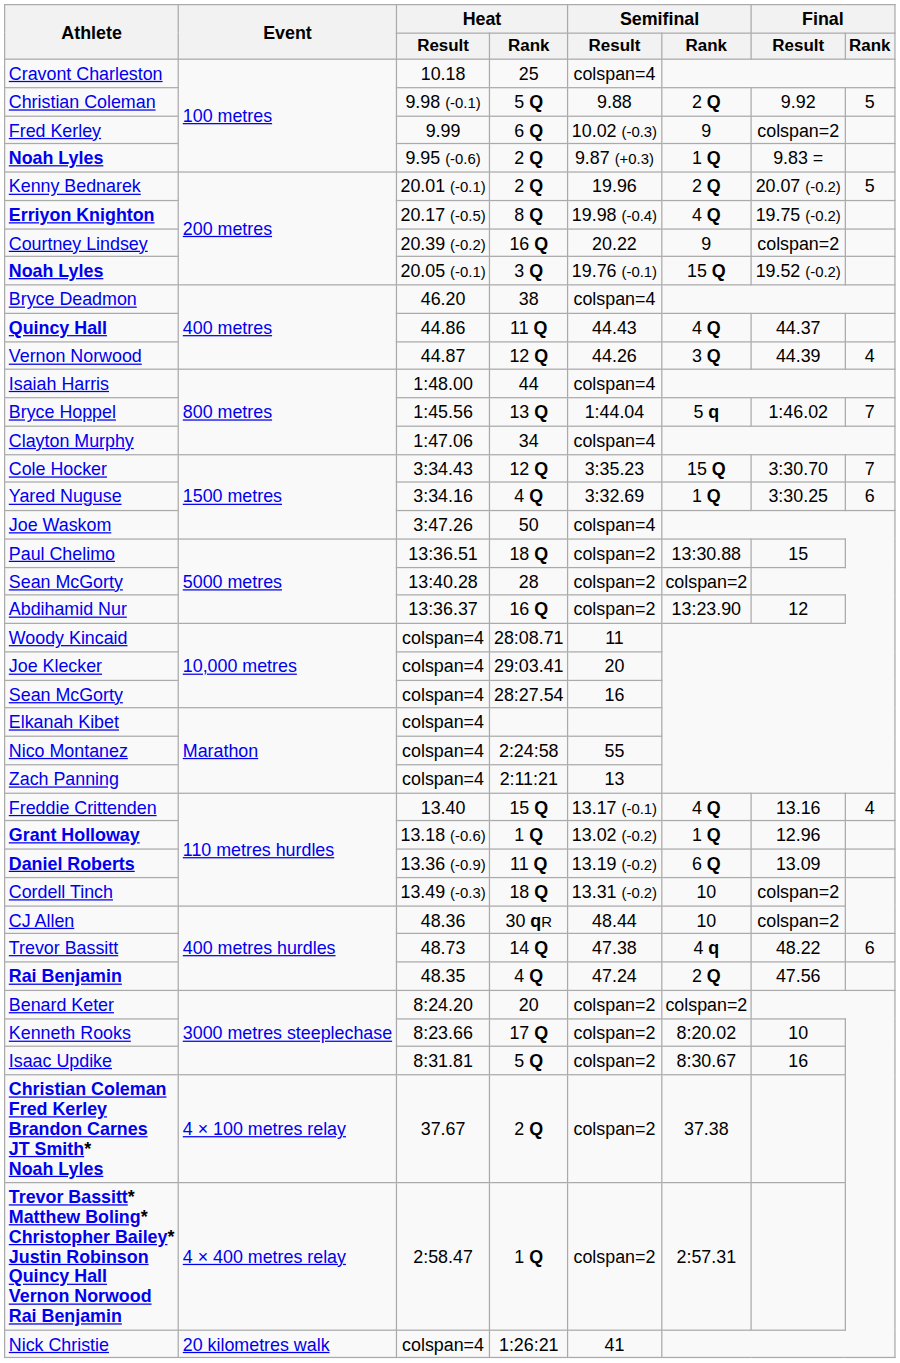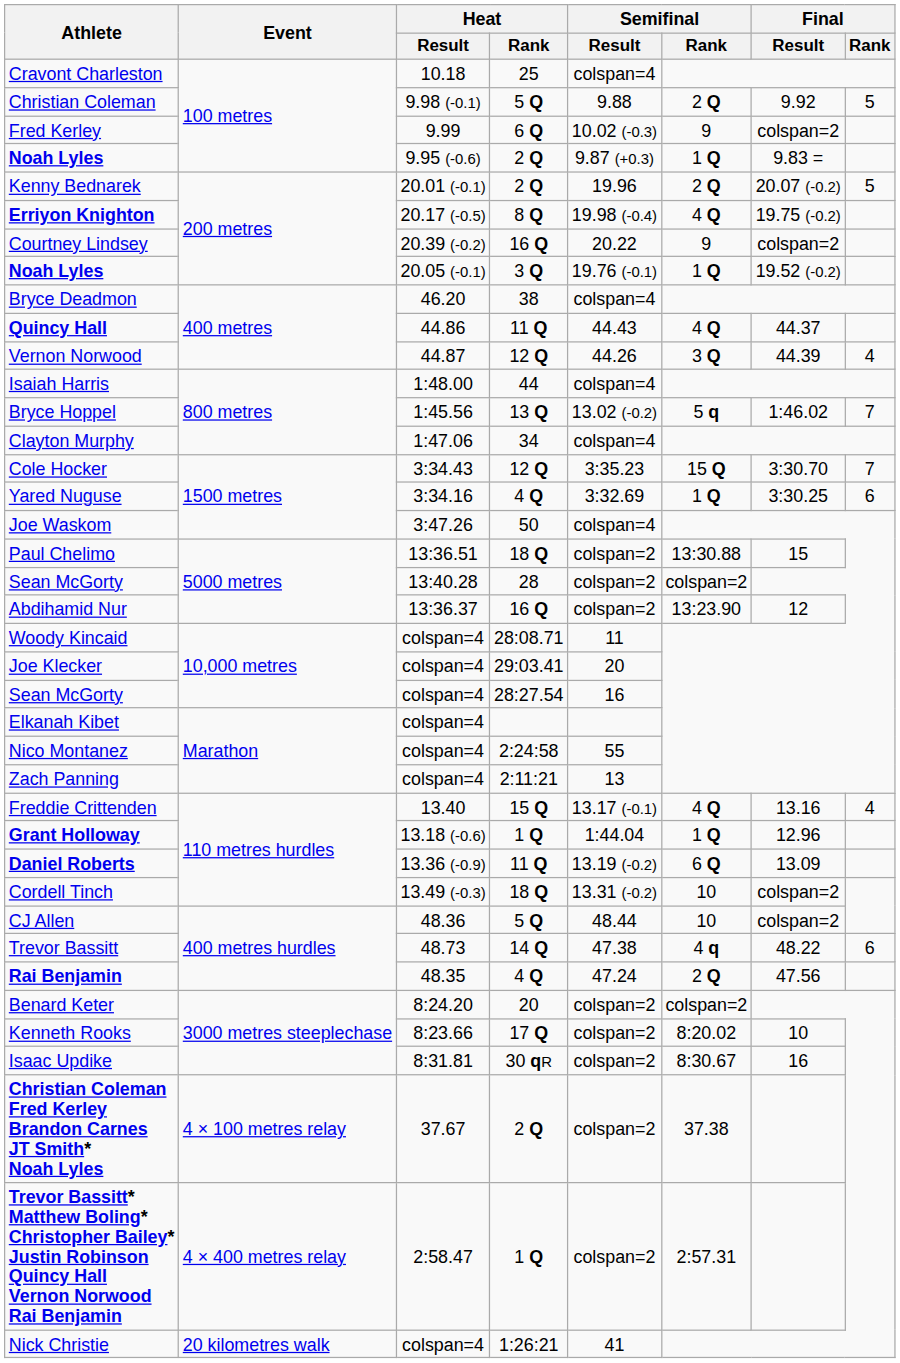 <table class="wikitable" style="font-size:90%">
 <tr>
 <th rowspan="2">Athlete</th>
 <th rowspan="2">Event</th>
 <th colspan="2">Heat</th>
 <th colspan="2">Semifinal</th>
 <th colspan="2">Final</th>
 </tr>
 <tr style="font-size:95%">
 <th>Result</th>
 <th>Rank</th>
 <th>Result</th>
 <th>Rank</th>
 <th>Result</th>
 <th>Rank</th>
 </tr>
 <tr align="center">
 <td align="left"><a href='#'>Cravont Charleston</a></td>
 <td rowspan="4" align="left"><a href='#'>100 metres</a></td>
 <td>10.18</td>
 <td>25</td>
 <td>colspan=4 </td>
 </tr>
 <tr align="center">
 <td align="left"><a href='#'>Christian Coleman</a></td>
 <td>9.98 <small>(-0.1)</small></td>
 <td>5 <strong>Q</strong></td>
 <td>9.88 <strong></strong></td>
 <td>2 <strong>Q</strong></td>
 <td>9.92</td>
 <td>5</td>
 </tr>
 <tr align="center">
 <td align="left"><a href='#'>Fred Kerley</a></td>
 <td>9.99</td>
 <td>6 <strong>Q</strong></td>
 <td>10.02 <small>(-0.3)</small></td>
 <td>9</td>
 <td>colspan=2 </td>
 </tr>
 <tr align="center">
 <td align="left"><strong><a href='#'>Noah Lyles</a></strong></td>
 <td>9.95 <small>(-0.6)</small></td>
 <td>2 <strong>Q</strong></td>
 <td>9.87 <small>(+0.3)</small> <strong></strong></td>
 <td>1 <strong>Q</strong></td>
 <td>9.83 =<strong></strong></td>
 <td></td>
 </tr>
 <tr align="center">
 <td align="left"><a href='#'>Kenny Bednarek</a></td>
 <td rowspan="4" align="left"><a href='#'>200 metres</a></td>
 <td>20.01 <small>(-0.1)</small></td>
 <td>2 <strong>Q</strong></td>
 <td>19.96</td>
 <td>2 <strong>Q</strong></td>
 <td>20.07 <small>(-0.2)</small></td>
 <td>5</td>
 </tr>
 <tr align="center">
 <td align="left"><strong><a href='#'>Erriyon Knighton</a></strong></td>
 <td>20.17 <small>(-0.5)</small></td>
 <td>8 <strong>Q</strong></td>
 <td>19.98 <small>(-0.4)</small></td>
 <td>4 <strong>Q</strong></td>
 <td>19.75 <small>(-0.2)</small></td>
 <td></td>
 </tr>
 <tr align="center">
 <td align="left"><a href='#'>Courtney Lindsey</a></td>
 <td>20.39 <small>(-0.2)</small></td>
 <td>16 <strong>Q</strong></td>
 <td>20.22</td>
 <td>9</td>
 <td>colspan=2 </td>
 </tr>
 <tr align="center">
 <td align="left"><strong><a href='#'>Noah Lyles</a></strong></td>
 <td>20.05 <small>(-0.1)</small></td>
 <td>3 <strong>Q</strong></td>
 <td>19.76 <small>(-0.1)</small></td>
-<td>15 <strong>Q</strong></td>
+<td>1 <strong>Q</strong></td>
 <td>19.52 <small>(-0.2)</small></td>
 <td></td>
 </tr>
 <tr align="center">
 <td align="left"><a href='#'>Bryce Deadmon</a></td>
 <td rowspan="3" align="left"><a href='#'>400 metres</a></td>
 <td>46.20</td>
 <td>38</td>
 <td>colspan=4 </td>
 </tr>
 <tr align="center">
 <td align="left"><strong><a href='#'>Quincy Hall</a></strong></td>
 <td>44.86</td>
 <td>11 <strong>Q</strong></td>
 <td>44.43</td>
 <td>4 <strong>Q</strong></td>
 <td>44.37 <strong></strong></td>
 <td></td>
 </tr>
 <tr align="center">
 <td align="left"><a href='#'>Vernon Norwood</a></td>
 <td>44.87</td>
 <td>12 <strong>Q</strong></td>
 <td>44.26 <strong></strong></td>
 <td>3 <strong>Q</strong></td>
 <td>44.39</td>
 <td>4</td>
 </tr>
 <tr align="center">
 <td align="left"><a href='#'>Isaiah Harris</a></td>
 <td rowspan="3" align="left"><a href='#'>800 metres</a></td>
 <td>1:48.00</td>
 <td>44</td>
 <td>colspan=4 </td>
 </tr>
 <tr align="center">
 <td align="left"><a href='#'>Bryce Hoppel</a></td>
 <td>1:45.56</td>
 <td>13 <strong>Q</strong></td>
-<td>1:44.04</td>
+<td>13.02 <small>(-0.2)</small></td>
 <td>5 <strong>q</strong></td>
 <td>1:46.02</td>
 <td>7</td>
 </tr>
 <tr align="center">
 <td align="left"><a href='#'>Clayton Murphy</a></td>
 <td>1:47.06</td>
 <td>34</td>
 <td>colspan=4 </td>
 </tr>
 <tr align="center">
 <td align="left"><a href='#'>Cole Hocker</a></td>
 <td rowspan="3" align="left"><a href='#'>1500 metres</a></td>
 <td>3:34.43</td>
 <td>12 <strong>Q</strong></td>
 <td>3:35.23</td>
 <td>15 <strong>Q</strong></td>
 <td>3:30.70 <strong></strong></td>
 <td>7</td>
 </tr>
 <tr align="center">
 <td align="left"><a href='#'>Yared Nuguse</a></td>
 <td>3:34.16</td>
 <td>4 <strong>Q</strong></td>
 <td>3:32.69</td>
 <td>1 <strong>Q</strong></td>
 <td>3:30.25</td>
 <td>6</td>
 </tr>
 <tr align="center">
 <td align="left"><a href='#'>Joe Waskom</a></td>
 <td>3:47.26</td>
 <td>50</td>
 <td>colspan=4 </td>
 </tr>
 <tr align="center">
 <td align="left"><a href='#'>Paul Chelimo</a></td>
 <td rowspan="3" align="left"><a href='#'>5000 metres</a></td>
 <td>13:36.51</td>
 <td>18 <strong>Q</strong></td>
 <td>colspan=2</td>
 <td>13:30.88</td>
 <td>15</td>
 </tr>
 <tr align="center">
 <td align="left"><a href='#'>Sean McGorty</a></td>
 <td>13:40.28</td>
 <td>28</td>
 <td>colspan=2</td>
 <td>colspan=2 </td>
 </tr>
 <tr align="center">
 <td align="left"><a href='#'>Abdihamid Nur</a></td>
 <td>13:36.37</td>
 <td>16 <strong>Q</strong></td>
 <td>colspan=2</td>
 <td>13:23.90</td>
 <td>12</td>
 </tr>
 <tr align="center">
 <td align="left"><a href='#'>Woody Kincaid</a></td>
 <td rowspan="3" align="left"><a href='#'>10,000 metres</a></td>
 <td>colspan=4</td>
 <td>28:08.71</td>
 <td>11</td>
 </tr>
 <tr align="center">
 <td align="left"><a href='#'>Joe Klecker</a></td>
 <td>colspan=4</td>
 <td>29:03.41</td>
 <td>20</td>
 </tr>
 <tr align="center">
 <td align="left"><a href='#'>Sean McGorty</a></td>
 <td>colspan=4</td>
 <td>28:27.54</td>
 <td>16</td>
 </tr>
 <tr align="center">
 <td align="left"><a href='#'>Elkanah Kibet</a></td>
 <td rowspan="3" align="left"><a href='#'>Marathon</a></td>
 <td>colspan=4</td>
 <td><strong></strong></td>
 <td></td>
 </tr>
 <tr align="center">
 <td align="left"><a href='#'>Nico Montanez</a></td>
 <td>colspan=4</td>
 <td>2:24:58 <strong></strong></td>
 <td>55</td>
 </tr>
 <tr align="center">
 <td align="left"><a href='#'>Zach Panning</a></td>
 <td>colspan=4</td>
 <td>2:11:21 <strong></strong></td>
 <td>13</td>
 </tr>
 <tr align="center">
 <td align="left"><a href='#'>Freddie Crittenden</a></td>
 <td rowspan="4" align="left"><a href='#'>110 metres hurdles</a></td>
 <td>13.40</td>
 <td>15 <strong>Q</strong></td>
 <td>13.17 <small>(-0.1)</small> <strong></strong></td>
 <td>4 <strong>Q</strong></td>
 <td>13.16 <strong></strong></td>
 <td>4</td>
 </tr>
 <tr align="center">
 <td align="left"><strong><a href='#'>Grant Holloway</a></strong></td>
 <td>13.18 <small>(-0.6)</small></td>
 <td>1 <strong>Q</strong></td>
-<td>13.02 <small>(-0.2)</small></td>
+<td>1:44.04</td>
 <td>1 <strong>Q</strong></td>
 <td>12.96 <strong></strong></td>
 <td></td>
 </tr>
 <tr align="center">
 <td align="left"><strong><a href='#'>Daniel Roberts</a></strong></td>
 <td>13.36 <small>(-0.9)</small></td>
 <td>11 <strong>Q</strong></td>
 <td>13.19 <small>(-0.2)</small></td>
 <td>6 <strong>Q</strong></td>
 <td>13.09</td>
 <td></td>
 </tr>
 <tr align="center">
 <td align="left"><a href='#'>Cordell Tinch</a></td>
 <td>13.49 <small>(-0.3)</small></td>
 <td>18 <strong>Q</strong></td>
 <td>13.31 <small>(-0.2)</small></td>
 <td>10</td>
 <td>colspan=2 </td>
 </tr>
 <tr align="center">
 <td align="left"><a href='#'>CJ Allen</a></td>
 <td rowspan="3" align="left"><a href='#'>400 metres hurdles</a></td>
 <td>48.36</td>
-<td>30 <strong>q</strong><small>R</small></td>
+<td>5 <strong>Q</strong></td>
 <td>48.44</td>
 <td>10</td>
 <td>colspan=2 </td>
 </tr>
 <tr align="center">
 <td align="left"><a href='#'>Trevor Bassitt</a></td>
 <td>48.73</td>
 <td>14 <strong>Q</strong></td>
 <td>47.38 <strong></strong></td>
 <td>4 <strong>q</strong></td>
 <td>48.22</td>
 <td>6</td>
 </tr>
 <tr align="center">
 <td align="left"><strong><a href='#'>Rai Benjamin</a></strong></td>
 <td>48.35</td>
 <td>4 <strong>Q</strong></td>
 <td>47.24</td>
 <td>2 <strong>Q</strong></td>
 <td>47.56</td>
 <td></td>
 </tr>
 <tr align="center">
 <td align="left"><a href='#'>Benard Keter</a></td>
 <td rowspan="3" align="left"><a href='#'>3000 metres steeplechase</a></td>
 <td>8:24.20</td>
 <td>20</td>
 <td>colspan=2</td>
 <td>colspan=2 </td>
 </tr>
 <tr align="center">
 <td align="left"><a href='#'>Kenneth Rooks</a></td>
 <td>8:23.66</td>
 <td>17 <strong>Q</strong></td>
 <td>colspan=2</td>
 <td>8:20.02</td>
 <td>10</td>
 </tr>
 <tr align="center">
 <td align="left"><a href='#'>Isaac Updike</a></td>
 <td>8:31.81</td>
-<td>5 <strong>Q</strong></td>
+<td>30 <strong>q</strong><small>R</small></td>
 <td>colspan=2</td>
 <td>8:30.67 <strong></strong></td>
 <td>16</td>
 </tr>
 <tr align="center">
 <td align="left"><strong><a href='#'>Christian Coleman</a><br><a href='#'>Fred Kerley</a><br><a href='#'>Brandon Carnes</a><br><a href='#'>JT Smith</a>*<br><a href='#'>Noah Lyles</a></strong></td>
 <td align="left"><a href='#'>4 × 100 metres relay</a></td>
 <td>37.67 <strong></strong></td>
 <td>2 <strong>Q</strong></td>
 <td>colspan=2</td>
 <td>37.38 <strong></strong></td>
 <td></td>
 </tr>
 <tr align="center">
 <td align="left"><strong><a href='#'>Trevor Bassitt</a>*<br><a href='#'>Matthew Boling</a>*<br><a href='#'>Christopher Bailey</a>*<br><a href='#'>Justin Robinson</a><br><a href='#'>Quincy Hall</a><br><a href='#'>Vernon Norwood</a><br><a href='#'>Rai Benjamin</a></strong></td>
 <td align="left"><a href='#'>4 × 400 metres relay</a></td>
 <td>2:58.47</td>
 <td>1 <strong>Q</strong></td>
 <td>colspan=2</td>
 <td>2:57.31 <strong></strong></td>
 <td></td>
 </tr>
 <tr align="center">
 <td align="left"><a href='#'>Nick Christie</a></td>
 <td align="left"><a href='#'>20 kilometres walk</a></td>
 <td>colspan=4</td>
 <td>1:26:21 <strong></strong></td>
 <td>41</td>
 </tr>
 </table>
